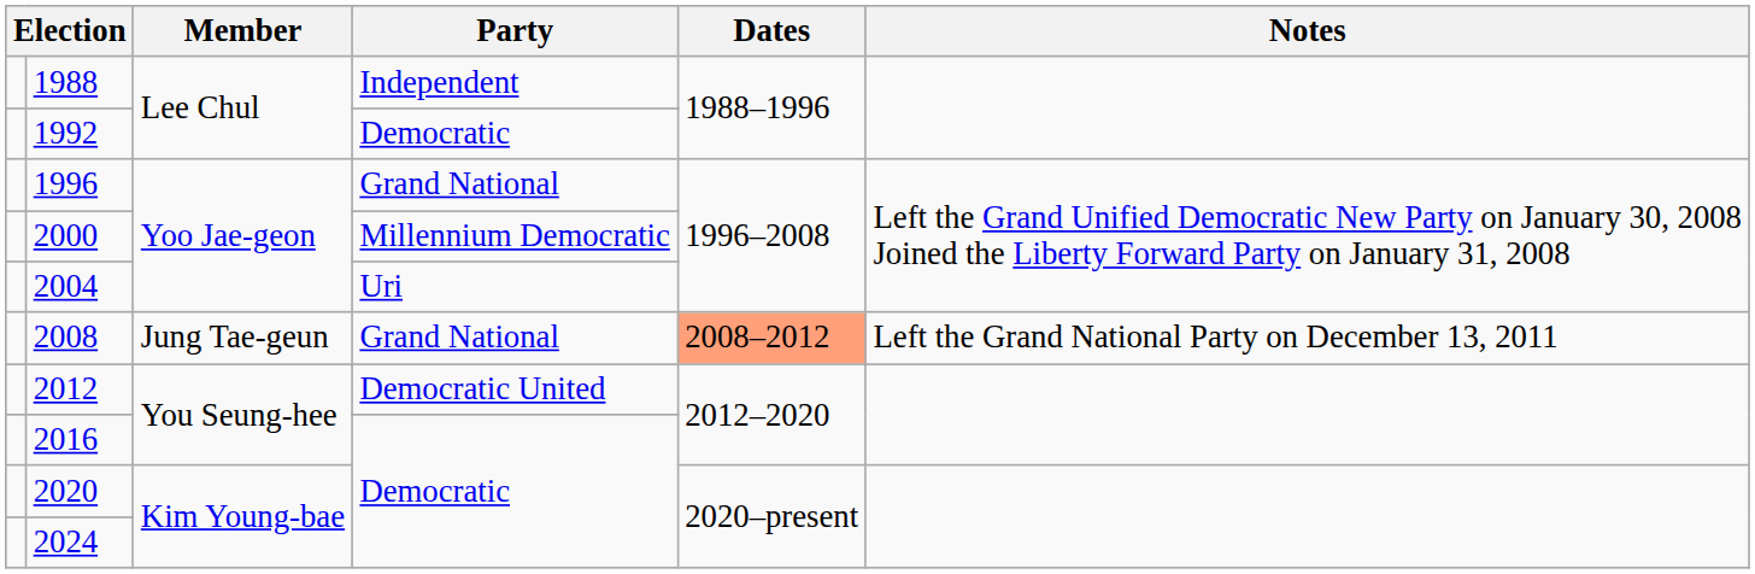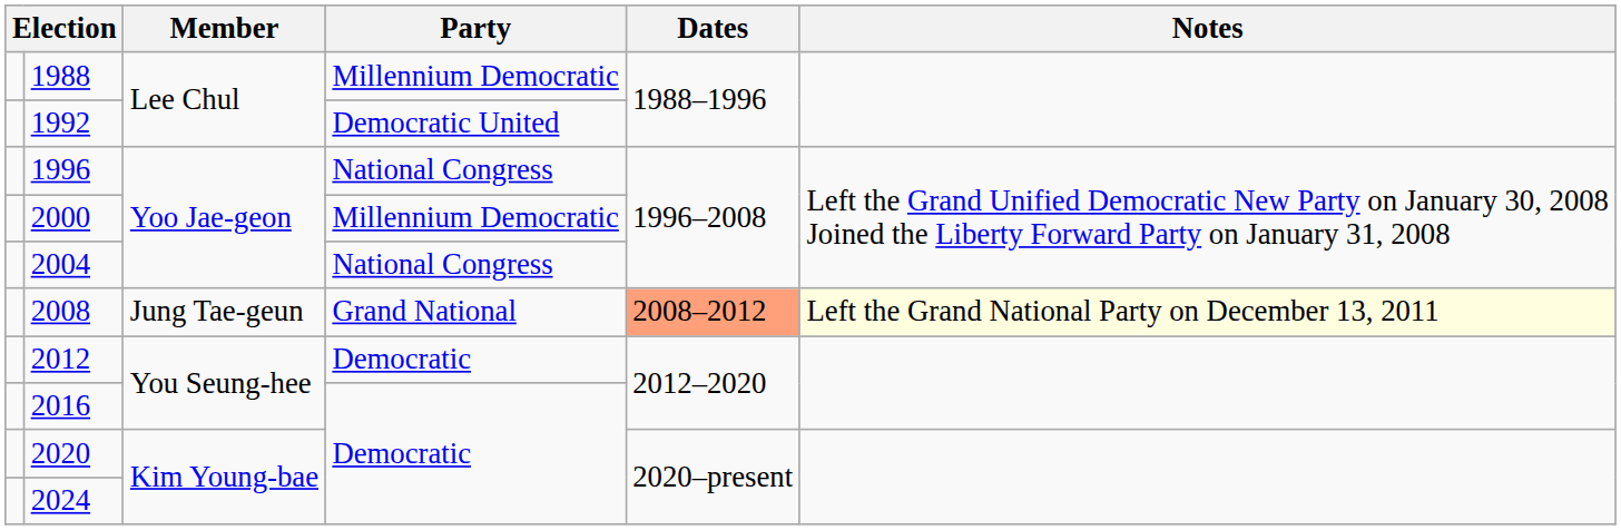 <table class="wikitable">
 <tr>
 <th colspan="2">Election</th>
 <th>Member</th>
 <th>Party</th>
 <th>Dates</th>
 <th>Notes</th>
 </tr>
 <tr>
 <td></td>
 <td><a href='#'>1988</a></td>
 <td rowspan="2">Lee Chul</td>
-<td><a href='#'>Independent</a></td>
+<td><a href='#'>Millennium Democratic</a></td>
 <td rowspan="2">1988–1996</td>
 <td rowspan="2"></td>
 </tr>
 <tr>
 <td></td>
 <td><a href='#'>1992</a></td>
-<td><a href='#'>Democratic</a></td>
+<td><a href='#'>Democratic United</a></td>
 </tr>
 <tr>
 <td></td>
 <td><a href='#'>1996</a></td>
 <td rowspan="3"><a href='#'>Yoo Jae-geon</a></td>
-<td><a href='#'>Grand National</a></td>
+<td><a href='#'>National Congress</a></td>
 <td rowspan="3">1996–2008</td>
 <td rowspan="3">Left the <a href='#'>Grand Unified Democratic New Party</a> on January 30, 2008<br>Joined the <a href='#'>Liberty Forward Party</a> on January 31, 2008</td>
 </tr>
 <tr>
 <td></td>
 <td><a href='#'>2000</a></td>
 <td><a href='#'>Millennium Democratic</a></td>
 </tr>
 <tr>
 <td></td>
 <td><a href='#'>2004</a></td>
-<td><a href='#'>Uri</a></td>
+<td><a href='#'>National Congress</a></td>
 </tr>
 <tr>
 <td></td>
 <td><a href='#'>2008</a></td>
 <td>Jung Tae-geun</td>
 <td><a href='#'>Grand National</a></td>
 <td style="background: lightsalmon;">2008–2012</td>
-<td>Left the Grand National Party on December 13, 2011</td>
+<td style="background: lightyellow;">Left the Grand National Party on December 13, 2011</td>
 </tr>
 <tr>
 <td></td>
 <td><a href='#'>2012</a></td>
 <td rowspan="2">You Seung-hee</td>
-<td><a href='#'>Democratic United</a></td>
+<td><a href='#'>Democratic</a></td>
 <td rowspan="2">2012–2020</td>
 <td rowspan="2"></td>
 </tr>
 <tr>
 <td></td>
 <td><a href='#'>2016</a></td>
 <td rowspan="3"><a href='#'>Democratic</a></td>
 </tr>
 <tr>
 <td></td>
 <td><a href='#'>2020</a></td>
 <td rowspan="2"><a href='#'>Kim Young-bae</a></td>
 <td rowspan="2">2020–present</td>
 <td rowspan="2"></td>
 </tr>
 <tr>
 <td></td>
 <td><a href='#'>2024</a></td>
 </tr>
 </table>
